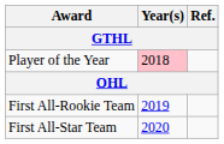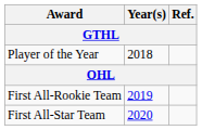 <table class="wikitable">
 <tr>
 <th>Award</th>
 <th>Year(s)</th>
 <th>Ref.</th>
 </tr>
 <tr>
 <th colspan="3"><a href='#'>GTHL</a></th>
 </tr>
 <tr>
 <td>Player of the Year</td>
-<td style="background: pink;">2018</td>
+<td>2018</td>
 <td></td>
 </tr>
 <tr>
 <th colspan="3"><a href='#'>OHL</a></th>
 </tr>
 <tr>
 <td>First All-Rookie Team</td>
 <td><a href='#'>2019</a></td>
 <td></td>
 </tr>
 <tr>
 <td>First All-Star Team</td>
 <td><a href='#'>2020</a></td>
 <td></td>
 </tr>
 </table>
